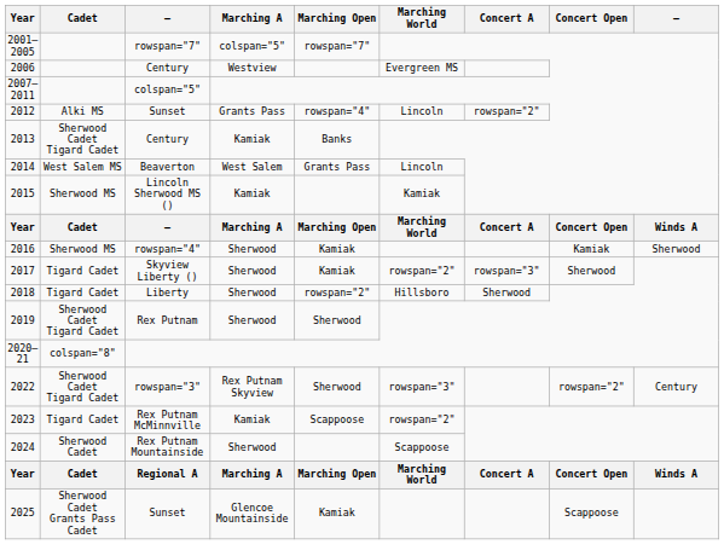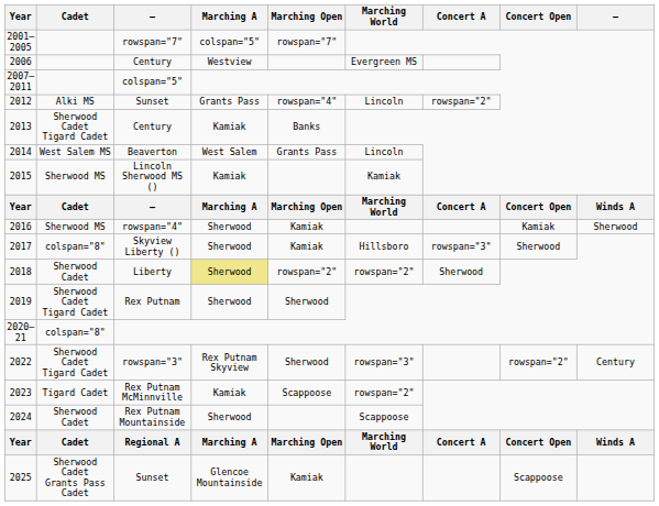 <table class="wikitable" style="font-size: 95%; text-align:center;">
 <tr>
 <th>Year</th>
 <th style="min-width: 8em;">Cadet</th>
 <th style="min-width: 8em;">—</th>
 <th style="min-width: 8em;">Marching A</th>
 <th style="min-width: 8em;">Marching Open</th>
 <th style="min-width: 8em;">Marching World</th>
 <th style="min-width: 8em;">Concert A</th>
 <th style="min-width: 8em;">Concert Open</th>
 <th style="min-width: 8em;">—</th>
 </tr>
 <tr>
 <td>2001–2005</td>
 <td></td>
 <td>rowspan="7" </td>
 <td>colspan="5" </td>
 <td>rowspan="7" </td>
 </tr>
 <tr>
 <td>2006</td>
 <td></td>
 <td>Century</td>
 <td>Westview</td>
 <td></td>
 <td>Evergreen MS</td>
 <td></td>
 </tr>
 <tr>
 <td>2007–2011</td>
 <td></td>
 <td>colspan="5" </td>
 </tr>
 <tr>
 <td>2012</td>
 <td>Alki MS</td>
 <td>Sunset</td>
 <td>Grants Pass</td>
 <td>rowspan="4" </td>
 <td>Lincoln</td>
 <td>rowspan="2" </td>
 </tr>
 <tr>
 <td>2013</td>
 <td>Sherwood Cadet<br>Tigard Cadet</td>
 <td>Century</td>
 <td>Kamiak</td>
 <td>Banks</td>
 </tr>
 <tr>
 <td>2014</td>
 <td>West Salem MS</td>
 <td>Beaverton</td>
 <td>West Salem</td>
 <td>Grants Pass</td>
 <td>Lincoln</td>
 </tr>
 <tr>
 <td>2015</td>
 <td>Sherwood MS</td>
 <td>Lincoln<br>Sherwood MS ()</td>
 <td>Kamiak</td>
 <td></td>
 <td>Kamiak</td>
 </tr>
 <tr>
 <th>Year</th>
 <th>Cadet</th>
 <th>—</th>
 <th>Marching A</th>
 <th>Marching Open</th>
 <th>Marching World</th>
 <th>Concert A</th>
 <th>Concert Open</th>
 <th>Winds A</th>
 </tr>
 <tr>
 <td>2016</td>
 <td>Sherwood MS</td>
 <td>rowspan="4" </td>
 <td>Sherwood</td>
 <td>Kamiak</td>
 <td></td>
 <td></td>
 <td>Kamiak</td>
 <td>Sherwood</td>
 </tr>
 <tr>
 <td>2017</td>
-<td>Tigard Cadet</td>
+<td>colspan="8" </td>
 <td>Skyview<br>Liberty ()</td>
 <td>Sherwood</td>
 <td>Kamiak</td>
-<td>rowspan="2" </td>
+<td>Hillsboro</td>
 <td>rowspan="3" </td>
 <td>Sherwood</td>
 </tr>
 <tr>
 <td>2018</td>
-<td>Tigard Cadet</td>
+<td>Sherwood Cadet</td>
 <td>Liberty</td>
-<td>Sherwood</td>
+<td style="background: khaki;">Sherwood</td>
 <td>rowspan="2" </td>
-<td>Hillsboro</td>
+<td>rowspan="2" </td>
 <td>Sherwood</td>
 </tr>
 <tr>
 <td>2019</td>
 <td>Sherwood Cadet<br>Tigard Cadet</td>
 <td>Rex Putnam</td>
 <td>Sherwood</td>
 <td>Sherwood</td>
 </tr>
 <tr>
 <td>2020–21</td>
 <td>colspan="8" </td>
 </tr>
 <tr>
 <td>2022</td>
 <td>Sherwood Cadet<br>Tigard Cadet</td>
 <td>rowspan="3" </td>
 <td>Rex Putnam<br>Skyview</td>
 <td>Sherwood</td>
 <td>rowspan="3" </td>
 <td></td>
 <td>rowspan="2" </td>
 <td>Century</td>
 </tr>
 <tr>
 <td>2023</td>
 <td>Tigard Cadet</td>
 <td>Rex Putnam<br>McMinnville</td>
 <td>Kamiak</td>
 <td>Scappoose</td>
 <td>rowspan="2" </td>
 </tr>
 <tr>
 <td>2024</td>
 <td>Sherwood Cadet</td>
 <td>Rex Putnam<br>Mountainside</td>
 <td>Sherwood</td>
 <td></td>
 <td>Scappoose</td>
 </tr>
 <tr>
 <th>Year</th>
 <th>Cadet</th>
 <th>Regional A</th>
 <th>Marching A</th>
 <th>Marching Open</th>
 <th>Marching World</th>
 <th>Concert A</th>
 <th>Concert Open</th>
 <th>Winds A</th>
 </tr>
 <tr>
 <td>2025</td>
 <td>Sherwood Cadet<br>Grants Pass Cadet</td>
 <td>Sunset</td>
 <td>Glencoe<br>Mountainside</td>
 <td>Kamiak</td>
 <td></td>
 <td></td>
 <td>Scappoose</td>
 <td></td>
 </tr>
 </table>
